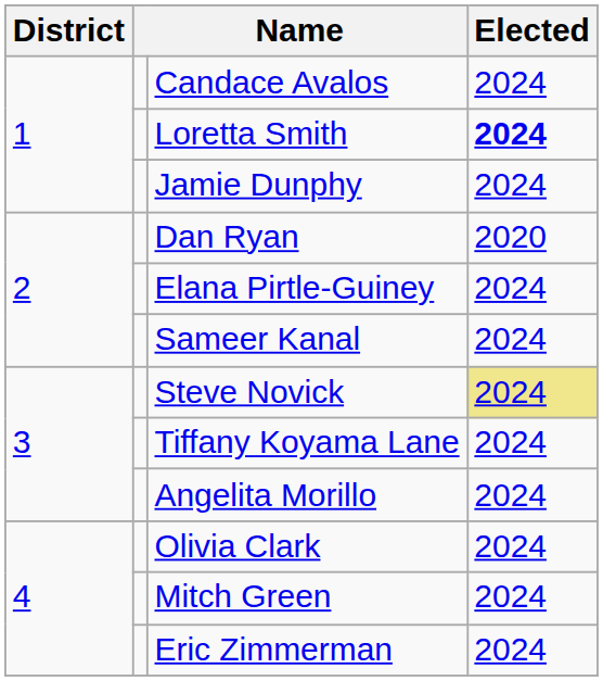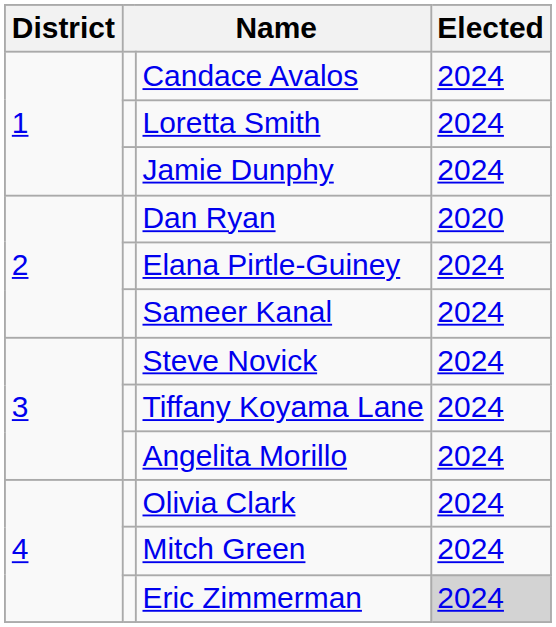 <table class="wikitable sortable">
 <tr>
 <th>District</th>
 <th colspan="2">Name</th>
 <th>Elected</th>
 </tr>
 <tr>
 <td rowspan="3"><a href='#'>1</a></td>
 <td></td>
 <td><a href='#'>Candace Avalos</a></td>
 <td><a href='#'>2024</a></td>
 </tr>
 <tr>
 <td></td>
 <td><a href='#'>Loretta Smith</a></td>
-<td><strong><a href='#'>2024</a></strong></td>
+<td><a href='#'>2024</a></td>
 </tr>
 <tr>
 <td></td>
 <td><a href='#'>Jamie Dunphy</a></td>
 <td><a href='#'>2024</a></td>
 </tr>
 <tr>
 <td rowspan="3"><a href='#'>2</a></td>
 <td></td>
 <td><a href='#'>Dan Ryan</a></td>
 <td><a href='#'>2020</a></td>
 </tr>
 <tr>
 <td></td>
 <td><a href='#'>Elana Pirtle-Guiney</a></td>
 <td><a href='#'>2024</a></td>
 </tr>
 <tr>
 <td></td>
 <td><a href='#'>Sameer Kanal</a></td>
 <td><a href='#'>2024</a></td>
 </tr>
 <tr>
 <td rowspan="3"><a href='#'>3</a></td>
 <td></td>
 <td><a href='#'>Steve Novick</a></td>
-<td style="background: khaki;"><a href='#'>2024</a></td>
+<td><a href='#'>2024</a></td>
 </tr>
 <tr>
 <td></td>
 <td><a href='#'>Tiffany Koyama Lane</a></td>
 <td><a href='#'>2024</a></td>
 </tr>
 <tr>
 <td></td>
 <td><a href='#'>Angelita Morillo</a></td>
 <td><a href='#'>2024</a></td>
 </tr>
 <tr>
 <td rowspan="3"><a href='#'>4</a></td>
 <td></td>
 <td><a href='#'>Olivia Clark</a></td>
 <td><a href='#'>2024</a></td>
 </tr>
 <tr>
 <td></td>
 <td><a href='#'>Mitch Green</a></td>
 <td><a href='#'>2024</a></td>
 </tr>
 <tr>
 <td></td>
 <td><a href='#'>Eric Zimmerman</a></td>
-<td><a href='#'>2024</a></td>
+<td style="background: lightgrey;"><a href='#'>2024</a></td>
 </tr>
 </table>
